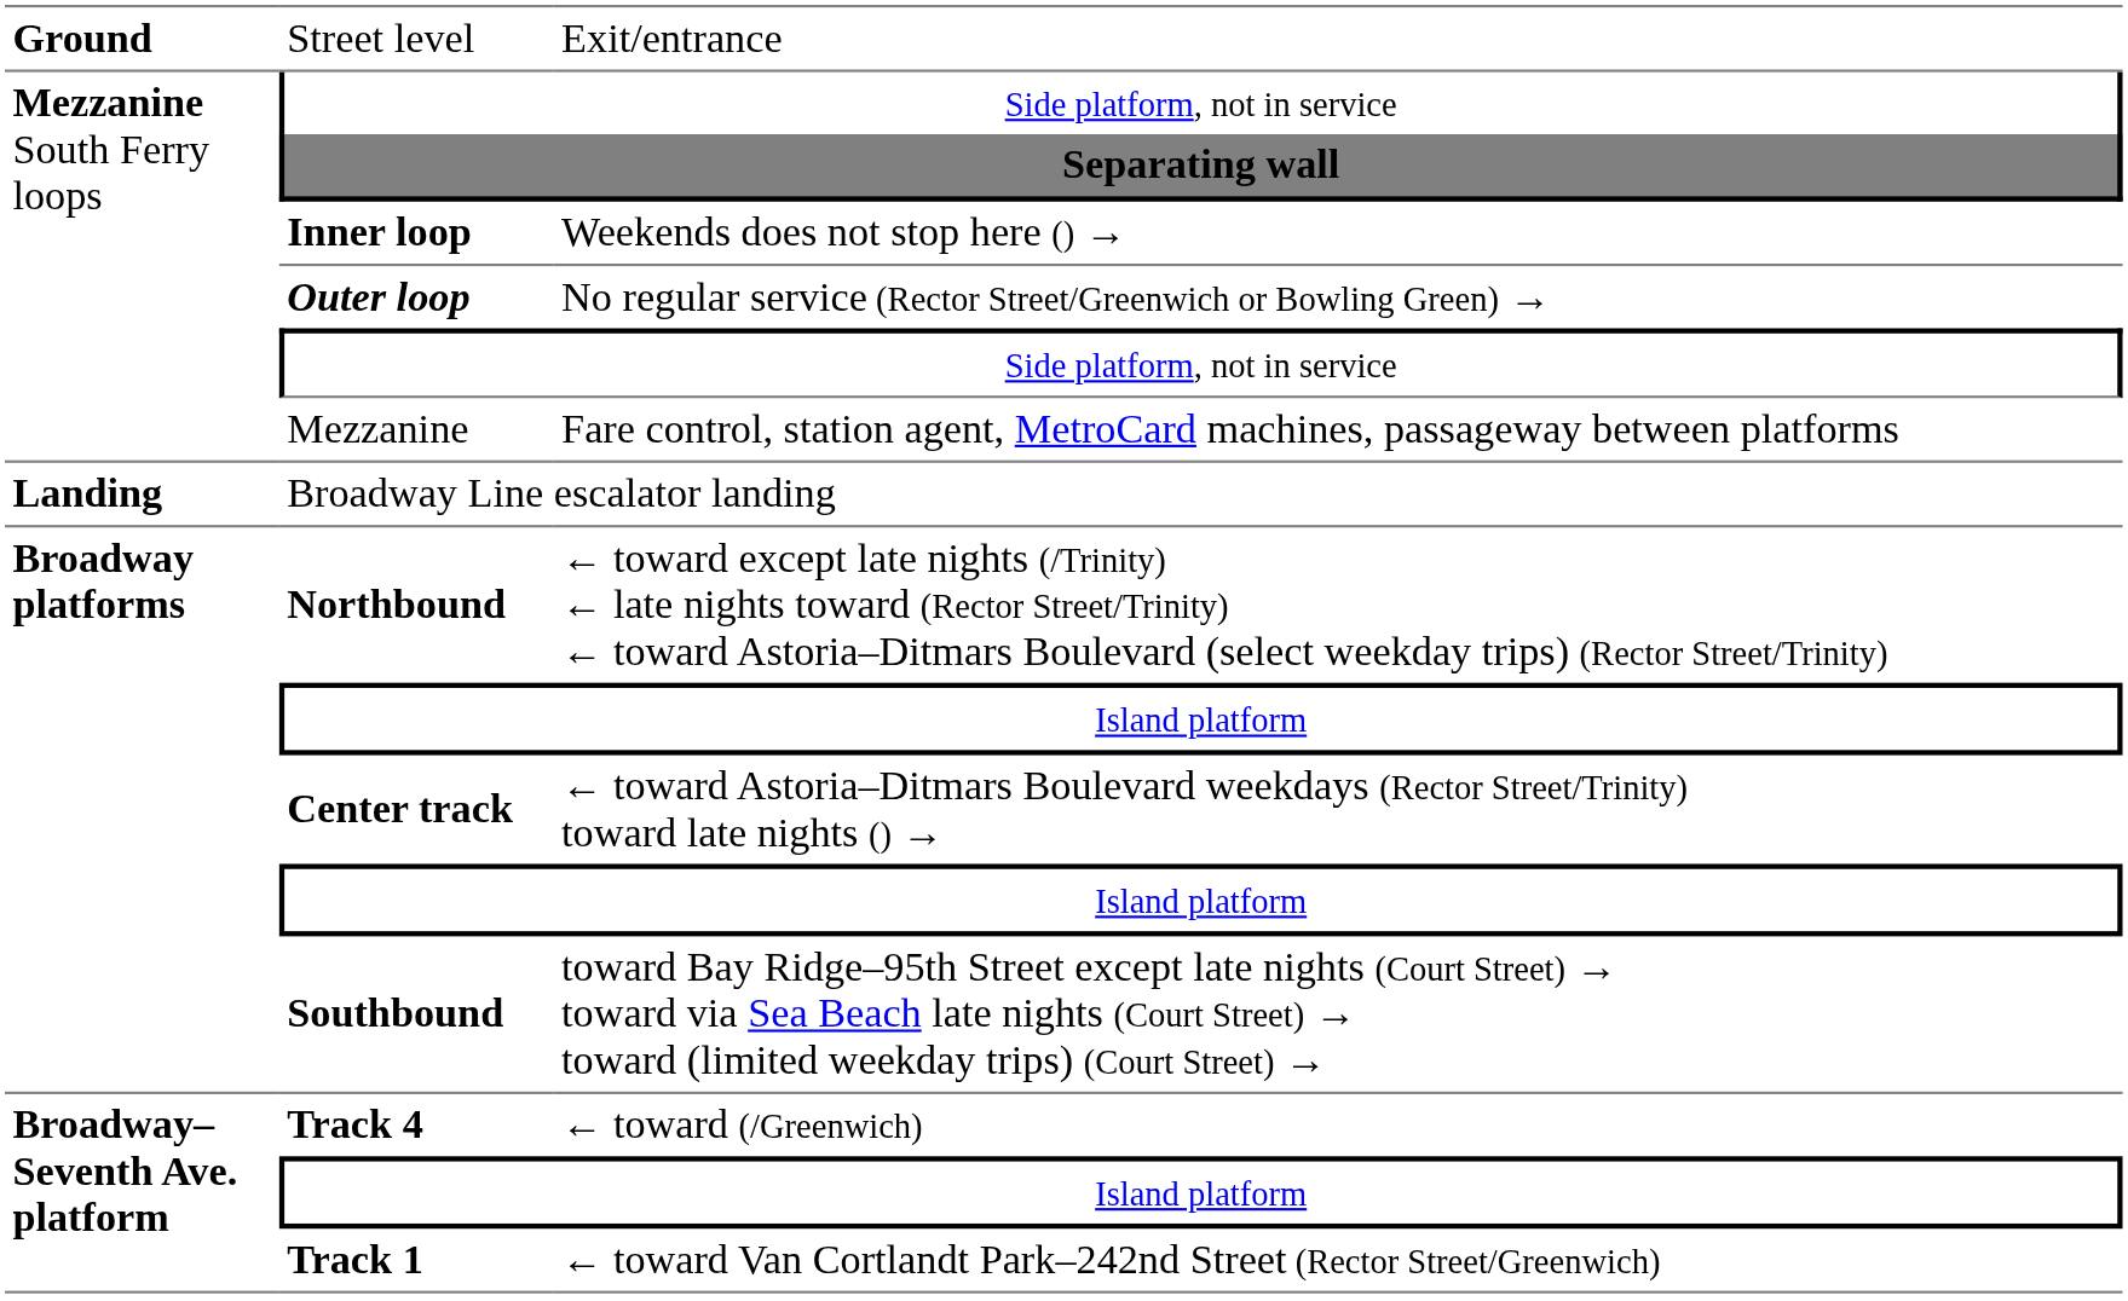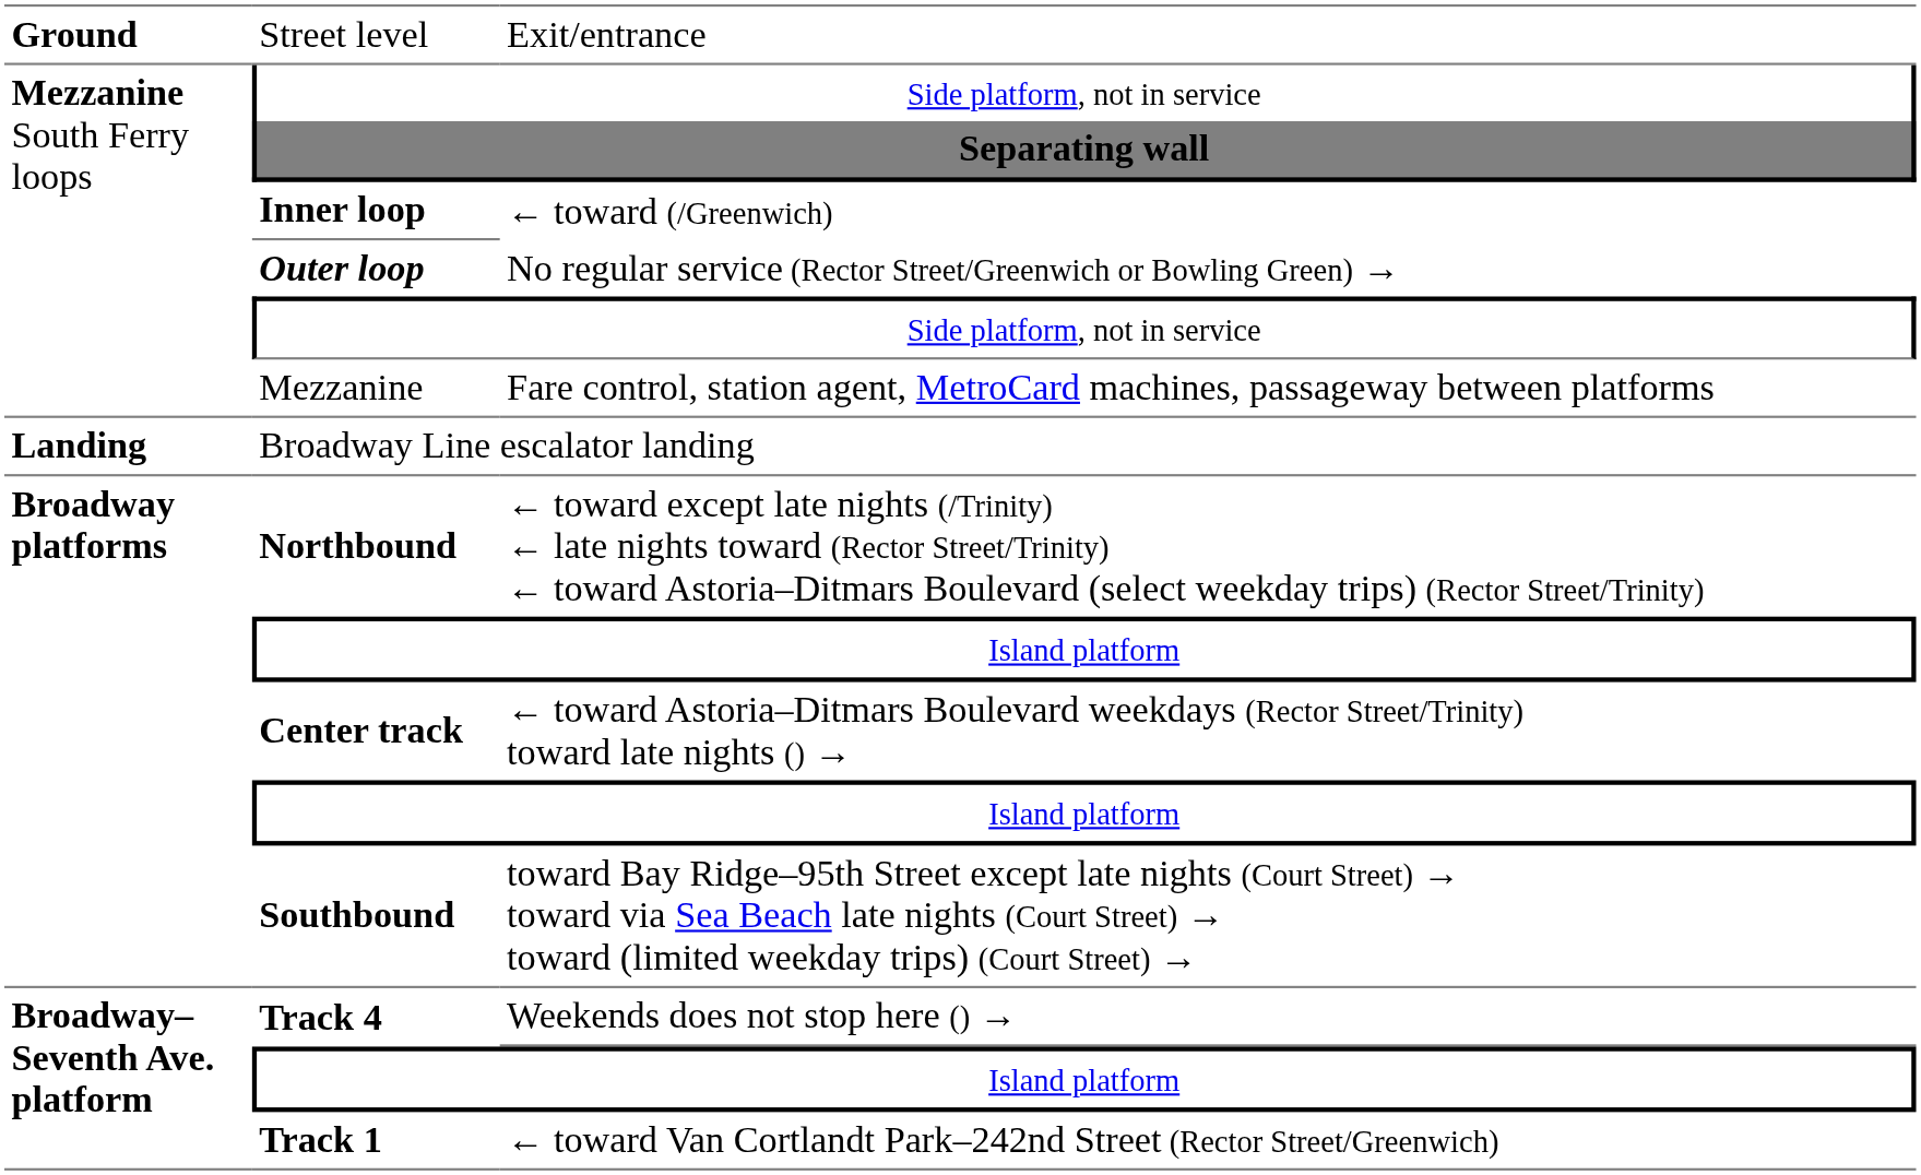 <table table border=0 cellspacing=0 cellpadding=3>
 <tr>
 <td style="border-bottom:solid 1px gray;border-top:solid 1px gray;vertical-align:top;" width=100><strong>Ground</strong></td>
 <td style="border-top:solid 1px gray;border-bottom:solid 1px gray;vertical-align:top;" width=100>Street level</td>
 <td style="border-top:solid 1px gray;border-bottom:solid 1px gray;" width=600>Exit/entrance<br></td>
 </tr>
 <tr>
 <td style="border-bottom:solid 1px gray;vertical-align:top;" rowspan=6><strong>Mezzanine</strong><br>South Ferry loops</td>
 <td style="border-right:solid 2px black;border-left:solid 2px black;text-align:center;" colspan=2><small><a href='#'>Side platform</a>, not in service</small></td>
 </tr>
 <tr style="background-color:grey">
 <td style="border-right:solid 2px black;border-left:solid 2px black;border-bottom:solid 2px black;text-align:center;" colspan="2"><strong>Separating wall</strong></td>
 </tr>
 <tr>
 <td style="border-bottom:solid 1px gray;"><span><strong>Inner loop</strong></span></td>
-<td style="border-bottom:solid 1px gray;">  Weekends does not stop here <small>()</small> →</td>
+<td>←  toward  <small>  (/Greenwich)</small></td>
 </tr>
 <tr>
 <td><strong><em>Outer loop</em></strong></td>
 <td> No regular service<small> (Rector Street/Greenwich or Bowling Green)</small> →</td>
 </tr>
 <tr>
 <td style="border-bottom:solid 1px gray;border-top:solid 2px black;border-right:solid 2px black;border-left:solid 2px black;text-align:center;" colspan=2><small><a href='#'>Side platform</a>, not in service</small></td>
 </tr>
 <tr>
 <td style="border-bottom:solid 1px gray;">Mezzanine</td>
 <td style="border-bottom:solid 1px gray;">Fare control, station agent, <a href='#'>MetroCard</a> machines, passageway between platforms</td>
 </tr>
 <tr>
 <td><strong>Landing</strong></td>
 <td colspan=2>Broadway Line escalator landing</td>
 </tr>
 <tr>
 <td style="border-top:solid 1px gray;border-bottom:solid 1px gray;vertical-align:top;" rowspan=5><strong>Broadway platforms</strong></td>
 <td style="border-top:solid 1px gray;"><span><strong>Northbound</strong></span></td>
 <td style="border-top:solid 1px gray;">←  toward  except late nights <small>(/Trinity)</small><br>←  late nights toward  <small>(Rector Street/Trinity)</small><br>←  toward Astoria–Ditmars Boulevard (select weekday trips) <small>(Rector Street/Trinity)</small></td>
 </tr>
 <tr>
 <td style="border-top:solid 2px black;border-right:solid 2px black;border-left:solid 2px black;border-bottom:solid 2px black;text-align:center;" colspan=2><small><a href='#'>Island platform</a></small></td>
 </tr>
 <tr>
 <td><span><strong>Center track</strong></span></td>
 <td>←  toward Astoria–Ditmars Boulevard weekdays <small>(Rector Street/Trinity)</small><br>  toward  late nights <small>()</small> →</td>
 </tr>
 <tr>
 <td style="border-top:solid 2px black;border-right:solid 2px black;border-left:solid 2px black;border-bottom:solid 2px black;text-align:center;" colspan=2><small><a href='#'>Island platform</a></small></td>
 </tr>
 <tr>
 <td style="border-bottom:solid 1px gray;"><span><strong>Southbound</strong></span></td>
 <td style="border-bottom:solid 1px gray;">  toward Bay Ridge–95th Street except late nights <small>(Court Street)</small> →<br>  toward  via <a href='#'>Sea Beach</a> late nights <small>(Court Street)</small> →<br>  toward  (limited weekday trips) <small>(Court Street)</small> →</td>
 </tr>
 <tr>
 <td style="border-bottom:solid 1px gray;vertical-align:top;" rowspan=4><strong>Broadway–Seventh Ave. platform</strong></td>
 </tr>
 <tr>
 <td><span><strong>Track 4</strong></span></td>
-<td>←  toward  <small>  (/Greenwich)</small></td>
+<td style="border-bottom:solid 1px gray;">  Weekends does not stop here <small>()</small> →</td>
 </tr>
 <tr>
 <td style="border-top:solid 2px black;border-right:solid 2px black;border-left:solid 2px black;border-bottom:solid 2px black;text-align:center;" colspan=2><small><a href='#'>Island platform</a> </small></td>
 </tr>
 <tr>
 <td style="border-bottom:solid 1px gray;"><span><strong>Track 1</strong></span></td>
 <td style="border-bottom:solid 1px gray;">←  toward Van Cortlandt Park–242nd Street<small> (Rector Street/Greenwich) </small></td>
 </tr>
 </table>
